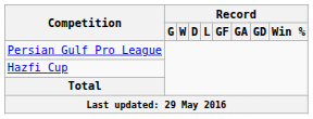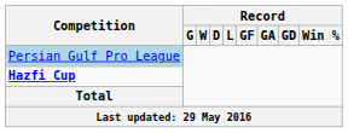 <table class="wikitable" style="text-align: center">
 <tr>
 <th rowspan= 2>Competition</th>
 <th colspan= 9>Record</th>
 </tr>
 <tr>
 <th>G</th>
 <th>W</th>
 <th>D</th>
 <th>L</th>
 <th>GF</th>
 <th>GA</th>
 <th>GD</th>
 <th>Win %</th>
 </tr>
 <tr>
-<td style="text-align: left"><a href='#'>Persian Gulf Pro League</a><br></td>
+<td style="background: lightblue; text-align: left"><a href='#'>Persian Gulf Pro League</a><br></td>
 </tr>
 <tr>
-<td style="text-align: left"><a href='#'>Hazfi Cup</a><br></td>
+<td style="text-align: left"><strong><a href='#'>Hazfi Cup</a><br></strong></td>
 </tr>
 <tr>
 <th>Total<br></th>
 </tr>
 <tr>
 <th colspan="19"><small>Last updated: 29 May 2016</small></th>
 </tr>
 </table>
